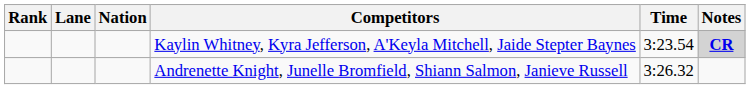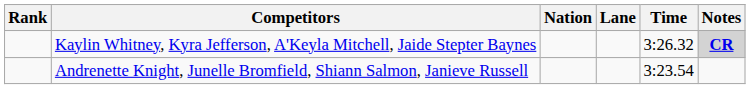 <table class="wikitable sortable" style="text-align:center">
 <tr>
 <th>Rank</th>
+<th>Competitors</th>
+<th>Nation</th>
 <th>Lane</th>
-<th>Nation</th>
-<th>Competitors</th>
 <th>Time</th>
 <th>Notes</th>
 </tr>
 <tr>
 <td></td>
+<td align=left><a href='#'>Kaylin Whitney</a>, <a href='#'>Kyra Jefferson</a>, <a href='#'>A'Keyla Mitchell</a>, <a href='#'>Jaide Stepter Baynes</a></td>
+<td align=left></td>
 <td></td>
-<td align=left></td>
-<td align=left><a href='#'>Kaylin Whitney</a>, <a href='#'>Kyra Jefferson</a>, <a href='#'>A'Keyla Mitchell</a>, <a href='#'>Jaide Stepter Baynes</a></td>
-<td>3:23.54</td>
+<td>3:26.32</td>
 <td style="background: lightgrey;"><strong><a href='#'>CR</a></strong></td>
 </tr>
 <tr>
 <td></td>
+<td align=left><a href='#'>Andrenette Knight</a>, <a href='#'>Junelle Bromfield</a>, <a href='#'>Shiann Salmon</a>, <a href='#'>Janieve Russell</a></td>
+<td align=left></td>
 <td></td>
-<td align=left></td>
-<td align=left><a href='#'>Andrenette Knight</a>, <a href='#'>Junelle Bromfield</a>, <a href='#'>Shiann Salmon</a>, <a href='#'>Janieve Russell</a></td>
-<td>3:26.32</td>
+<td>3:23.54</td>
 <td></td>
 </tr>
 </table>
